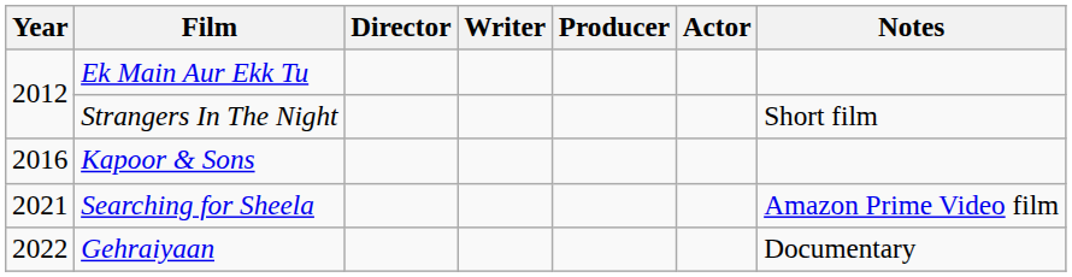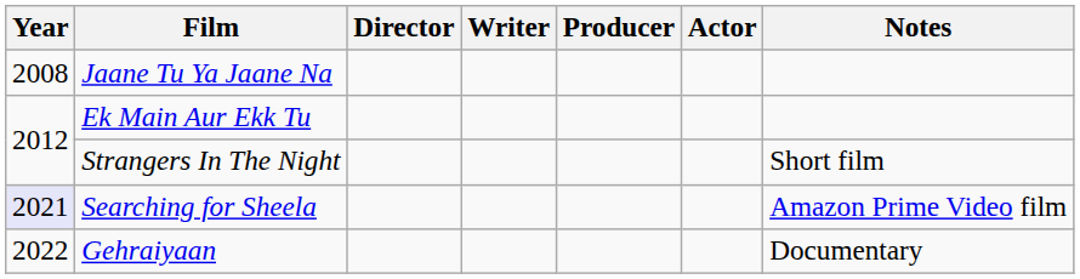 <table class="wikitable sortable">
 <tr>
 <th>Year</th>
 <th>Film</th>
 <th>Director</th>
 <th>Writer</th>
 <th>Producer</th>
 <th>Actor</th>
 <th>Notes</th>
+</tr>
+<tr>
+<td>2008</td>
+<td><em><a href='#'>Jaane Tu Ya Jaane Na</a></em></td>
+<td></td>
+<td></td>
+<td></td>
+<td></td>
+<td></td>
 </tr>
 <tr>
 <td rowspan="2'">2012</td>
 <td><em><a href='#'>Ek Main Aur Ekk Tu</a></em></td>
 <td></td>
 <td></td>
 <td></td>
 <td></td>
 <td></td>
 </tr>
 <tr>
 <td><em>Strangers In The Night</em></td>
 <td></td>
 <td></td>
 <td></td>
 <td></td>
 <td>Short film</td>
 </tr>
 <tr>
-<td>2016</td>
-<td><em><a href='#'>Kapoor & Sons</a></em></td>
-<td></td>
-<td></td>
-<td></td>
-<td></td>
-<td></td>
-</tr>
-<tr>
-<td>2021</td>
+<td style="background: lavender;">2021</td>
 <td><em><a href='#'>Searching for Sheela</a></em></td>
 <td></td>
 <td></td>
 <td></td>
 <td></td>
 <td><a href='#'>Amazon Prime Video</a> film</td>
 </tr>
 <tr>
 <td>2022</td>
 <td><em><a href='#'>Gehraiyaan</a></em></td>
 <td></td>
 <td></td>
 <td></td>
 <td></td>
 <td>Documentary</td>
 </tr>
 </table>
